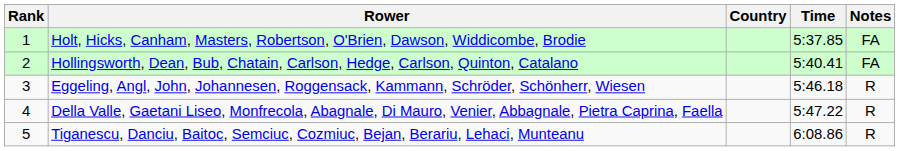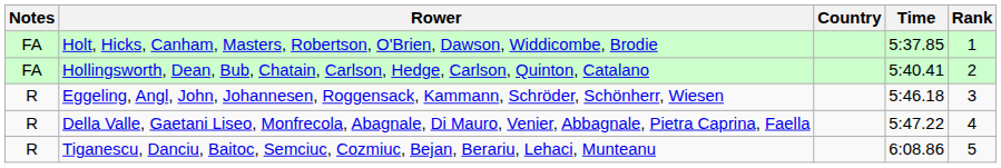 <table class="wikitable" style="text-align:center">
 <tr>
-<th>Rank</th>
+<th>Notes</th>
 <th>Rower</th>
 <th>Country</th>
 <th>Time</th>
-<th>Notes</th>
+<th>Rank</th>
 </tr>
 <tr bgcolor=ccffcc>
-<td>1</td>
+<td>FA</td>
 <td align="left"><a href='#'>Holt</a>, <a href='#'>Hicks</a>, <a href='#'>Canham</a>, <a href='#'>Masters</a>, <a href='#'>Robertson</a>, <a href='#'>O'Brien</a>, <a href='#'>Dawson</a>, <a href='#'>Widdicombe</a>, <a href='#'>Brodie</a></td>
 <td align="left"></td>
 <td>5:37.85</td>
-<td>FA</td>
+<td>1</td>
 </tr>
 <tr bgcolor=ccffcc>
-<td>2</td>
+<td>FA</td>
 <td align="left"><a href='#'>Hollingsworth</a>, <a href='#'>Dean</a>, <a href='#'>Bub</a>, <a href='#'>Chatain</a>, <a href='#'>Carlson</a>, <a href='#'>Hedge</a>, <a href='#'>Carlson</a>, <a href='#'>Quinton</a>, <a href='#'>Catalano</a></td>
 <td align="left"></td>
 <td>5:40.41</td>
-<td>FA</td>
+<td>2</td>
 </tr>
 <tr>
-<td>3</td>
+<td>R</td>
 <td align="left"><a href='#'>Eggeling</a>, <a href='#'>Angl</a>, <a href='#'>John</a>, <a href='#'>Johannesen</a>, <a href='#'>Roggensack</a>, <a href='#'>Kammann</a>, <a href='#'>Schröder</a>, <a href='#'>Schönherr</a>, <a href='#'>Wiesen</a></td>
 <td align="left"></td>
 <td>5:46.18</td>
-<td>R</td>
+<td>3</td>
 </tr>
 <tr>
-<td>4</td>
+<td>R</td>
 <td align="left"><a href='#'>Della Valle</a>, <a href='#'>Gaetani Liseo</a>, <a href='#'>Monfrecola</a>, <a href='#'>Abagnale</a>, <a href='#'>Di Mauro</a>, <a href='#'>Venier</a>, <a href='#'>Abbagnale</a>, <a href='#'>Pietra Caprina</a>, <a href='#'>Faella</a></td>
 <td align="left"></td>
 <td>5:47.22</td>
-<td>R</td>
+<td>4</td>
 </tr>
 <tr>
-<td>5</td>
+<td>R</td>
 <td align="left"><a href='#'>Tiganescu</a>, <a href='#'>Danciu</a>, <a href='#'>Baitoc</a>, <a href='#'>Semciuc</a>, <a href='#'>Cozmiuc</a>, <a href='#'>Bejan</a>, <a href='#'>Berariu</a>, <a href='#'>Lehaci</a>, <a href='#'>Munteanu</a></td>
 <td align="left"></td>
 <td>6:08.86</td>
-<td>R</td>
+<td>5</td>
 </tr>
 </table>
